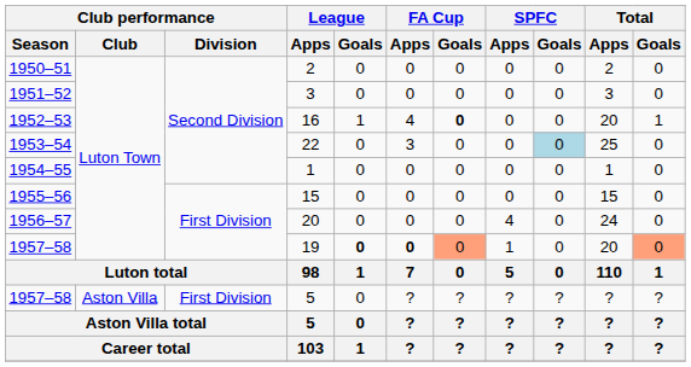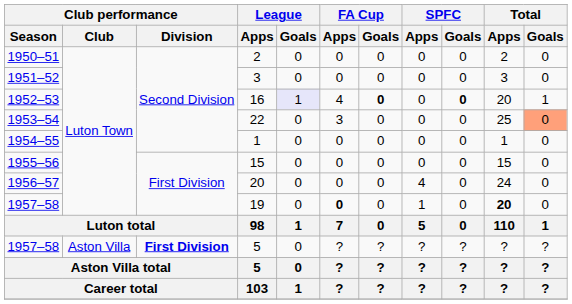 <table class="wikitable" style="text-align:center">
 <tr>
 <th colspan=3>Club performance</th>
 <th colspan=2><a href='#'>League</a></th>
 <th colspan=2><a href='#'>FA Cup</a></th>
 <th colspan=2><a href='#'>SPFC</a></th>
 <th colspan=2>Total</th>
 </tr>
 <tr>
 <th>Season</th>
 <th>Club</th>
 <th>Division</th>
 <th>Apps</th>
 <th>Goals</th>
 <th>Apps</th>
 <th>Goals</th>
 <th>Apps</th>
 <th>Goals</th>
 <th>Apps</th>
 <th>Goals</th>
 </tr>
 <tr>
 <td><a href='#'>1950–51</a></td>
 <td rowspan="8"><a href='#'>Luton Town</a></td>
 <td rowspan="5"><a href='#'>Second Division</a></td>
 <td>2</td>
 <td>0</td>
 <td>0</td>
 <td>0</td>
 <td>0</td>
 <td>0</td>
 <td>2</td>
 <td>0</td>
 </tr>
 <tr>
 <td><a href='#'>1951–52</a></td>
 <td>3</td>
 <td>0</td>
 <td>0</td>
 <td>0</td>
 <td>0</td>
 <td>0</td>
 <td>3</td>
 <td>0</td>
 </tr>
 <tr>
 <td><a href='#'>1952–53</a></td>
 <td>16</td>
-<td>1</td>
+<td style="background: lavender;">1</td>
 <td>4</td>
 <td><strong>0</strong></td>
 <td>0</td>
-<td>0</td>
+<td><strong>0</strong></td>
 <td>20</td>
 <td>1</td>
 </tr>
 <tr>
 <td><a href='#'>1953–54</a></td>
 <td>22</td>
 <td>0</td>
 <td>3</td>
 <td>0</td>
 <td>0</td>
-<td style="background: lightblue;">0</td>
+<td>0</td>
 <td>25</td>
-<td>0</td>
+<td style="background: lightsalmon;">0</td>
 </tr>
 <tr>
 <td><a href='#'>1954–55</a></td>
 <td>1</td>
 <td>0</td>
 <td>0</td>
 <td>0</td>
 <td>0</td>
 <td>0</td>
 <td>1</td>
 <td>0</td>
 </tr>
 <tr>
 <td><a href='#'>1955–56</a></td>
 <td rowspan="3"><a href='#'>First Division</a></td>
 <td>15</td>
 <td>0</td>
 <td>0</td>
 <td>0</td>
 <td>0</td>
 <td>0</td>
 <td>15</td>
 <td>0</td>
 </tr>
 <tr>
 <td><a href='#'>1956–57</a></td>
 <td>20</td>
 <td>0</td>
 <td>0</td>
 <td>0</td>
 <td>4</td>
 <td>0</td>
 <td>24</td>
 <td>0</td>
 </tr>
 <tr>
 <td><a href='#'>1957–58</a></td>
 <td>19</td>
+<td>0</td>
 <td><strong>0</strong></td>
-<td><strong>0</strong></td>
-<td style="background: lightsalmon;">0</td>
+<td>0</td>
 <td>1</td>
 <td>0</td>
-<td>20</td>
-<td style="background: lightsalmon;">0</td>
+<td><strong>20</strong></td>
+<td>0</td>
 </tr>
 <tr>
 <th colspan=3>Luton total</th>
 <th>98</th>
 <th>1</th>
 <th>7</th>
 <th>0</th>
 <th>5</th>
 <th>0</th>
 <th>110</th>
 <th>1</th>
 </tr>
 <tr>
 <td><a href='#'>1957–58</a></td>
 <td><a href='#'>Aston Villa</a></td>
-<td><a href='#'>First Division</a></td>
+<td><strong><a href='#'>First Division</a></strong></td>
 <td>5</td>
 <td>0</td>
 <td>?</td>
 <td>?</td>
 <td>?</td>
 <td>?</td>
 <td>?</td>
 <td>?</td>
 </tr>
 <tr>
 <th colspan=3>Aston Villa total</th>
 <th>5</th>
 <th>0</th>
 <th>?</th>
 <th>?</th>
 <th>?</th>
 <th>?</th>
 <th>?</th>
 <th>?</th>
 </tr>
 <tr>
 <th colspan=3>Career total</th>
 <th>103</th>
 <th>1</th>
 <th>?</th>
 <th>?</th>
 <th>?</th>
 <th>?</th>
 <th>?</th>
 <th>?</th>
 </tr>
 <tr>
 </tr>
 </table>
